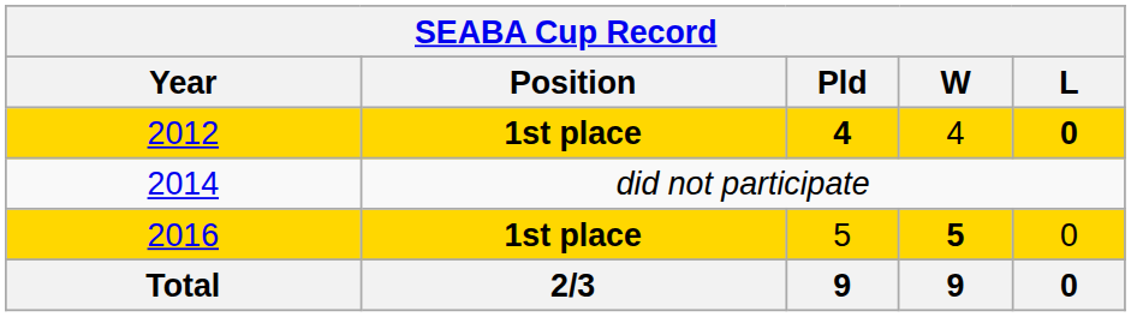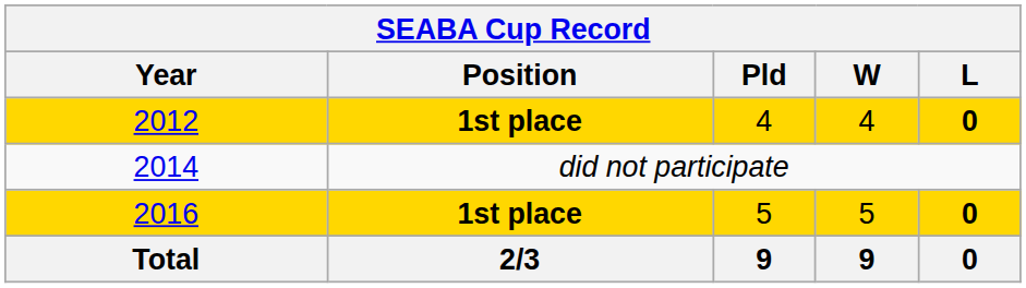 <table class="wikitable collapsible autocollapse"  style="text-align:center; font-size:95%; width:60%;">
 <tr>
 <th colspan=9><a href='#'>SEABA Cup Record</a></th>
 </tr>
 <tr>
 <th width=25%>Year</th>
 <th width=30%>Position</th>
 <th width=8%>Pld</th>
 <th width=8%>W</th>
 <th width=8%>L</th>
 </tr>
 <tr style="background:gold;">
 <td> <a href='#'>2012</a></td>
 <td><strong>1st place</strong></td>
-<td><strong>4</strong></td>
+<td>4</td>
 <td>4</td>
 <td><strong>0</strong></td>
 </tr>
 <tr>
 <td> <a href='#'>2014</a></td>
 <td colspan=5><em>did not participate</em></td>
 </tr>
 <tr style="background:gold;">
 <td> <a href='#'>2016</a></td>
 <td><strong>1st place</strong></td>
 <td>5</td>
-<td><strong>5</strong></td>
-<td>0</td>
+<td>5</td>
+<td><strong>0</strong></td>
 </tr>
 <tr>
 <th>Total</th>
 <th>2/3</th>
 <th>9</th>
 <th>9</th>
 <th>0</th>
 </tr>
 </table>
